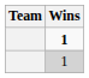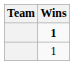 <table class="wikitable sortable plainrowheaders" style="text-align:center">
 <tr>
 <th scope="col">Team</th>
 <th scope="col">Wins</th>
 </tr>
 <tr>
 <th scope="row"></th>
 <td><strong>1</strong></td>
 </tr>
 <tr>
 <th scope="row"></th>
-<td style="background: lightgrey;">1</td>
+<td>1</td>
 </tr>
 </table>
